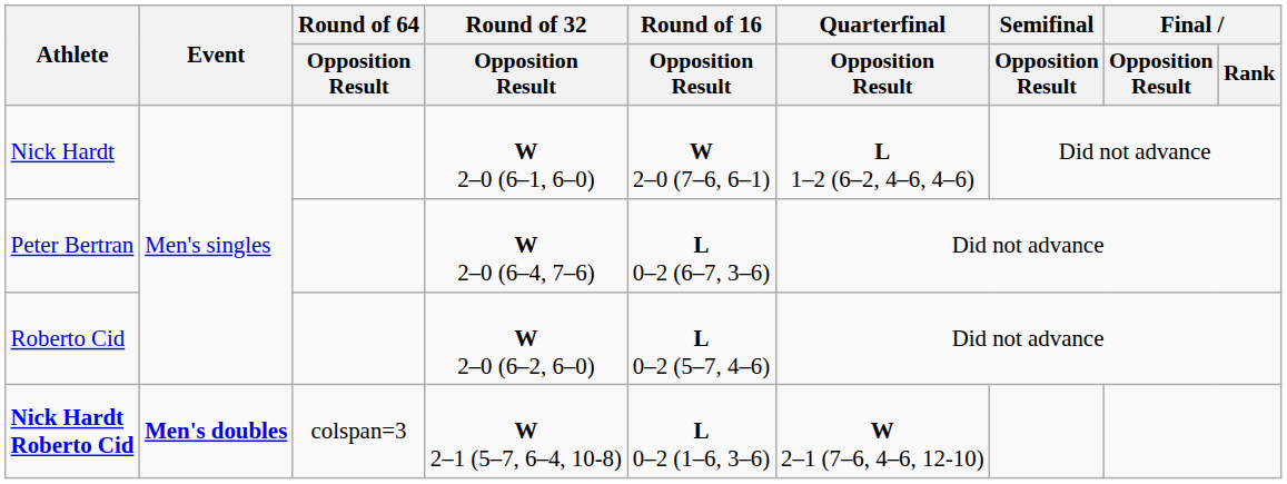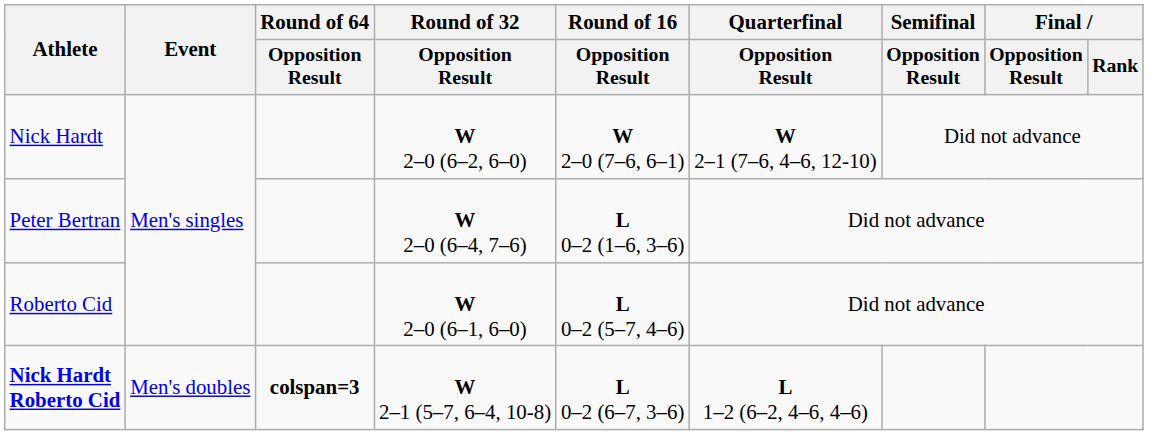 <table class=wikitable style=font-size:90%;text-align:center>
 <tr>
 <th rowspan=2>Athlete</th>
 <th rowspan=2>Event</th>
 <th>Round of 64</th>
 <th>Round of 32</th>
 <th>Round of 16</th>
 <th>Quarterfinal</th>
 <th>Semifinal</th>
 <th colspan=2>Final / </th>
 </tr>
 <tr style=font-size:95%>
 <th>Opposition<br>Result</th>
 <th>Opposition<br>Result</th>
 <th>Opposition<br>Result</th>
 <th>Opposition<br>Result</th>
 <th>Opposition<br>Result</th>
 <th>Opposition<br>Result</th>
 <th>Rank</th>
 </tr>
 <tr>
 <td align=left><a href='#'>Nick Hardt</a></td>
 <td align=left rowspan=3><a href='#'>Men's singles</a></td>
 <td></td>
-<td><br><strong>W</strong><br>2–0 (6–1, 6–0)</td>
+<td><br><strong>W</strong><br> 2–0 (6–2, 6–0)</td>
 <td><br><strong>W</strong><br>2–0 (7–6, 6–1)</td>
-<td><br><strong>L</strong><br> 1–2 (6–2, 4–6, 4–6)</td>
+<td><br><strong>W</strong><br> 2–1 (7–6, 4–6, 12-10)</td>
 <td colspan=3>Did not advance</td>
 </tr>
 <tr>
 <td align=left><a href='#'>Peter Bertran</a></td>
 <td></td>
 <td><br><strong>W</strong><br>2–0 (6–4, 7–6)</td>
-<td><br><strong>L</strong><br> 0–2 (6–7, 3–6)</td>
+<td><br><strong>L</strong><br>0–2 (1–6, 3–6)</td>
 <td colspan=5>Did not advance</td>
 </tr>
 <tr>
 <td align=left><a href='#'>Roberto Cid</a></td>
 <td></td>
-<td><br><strong>W</strong><br> 2–0 (6–2, 6–0)</td>
+<td><br><strong>W</strong><br>2–0 (6–1, 6–0)</td>
 <td><br><strong>L</strong><br> 0–2 (5–7, 4–6)</td>
 <td colspan=5>Did not advance</td>
 </tr>
 <tr>
 <td align=left><strong><a href='#'>Nick Hardt</a><br><a href='#'>Roberto Cid</a></strong></td>
-<td align=left><strong><a href='#'>Men's doubles</a></strong></td>
-<td>colspan=3 </td>
+<td align=left><a href='#'>Men's doubles</a></td>
+<td><strong>colspan=3 </strong></td>
 <td><br><strong>W</strong><br> 2–1 (5–7, 6–4, 10-8)</td>
-<td><br><strong>L</strong><br>0–2 (1–6, 3–6)</td>
-<td><br><strong>W</strong><br> 2–1 (7–6, 4–6, 12-10)</td>
+<td><br><strong>L</strong><br> 0–2 (6–7, 3–6)</td>
+<td><br><strong>L</strong><br> 1–2 (6–2, 4–6, 4–6)</td>
 <td></td>
 </tr>
 </table>
